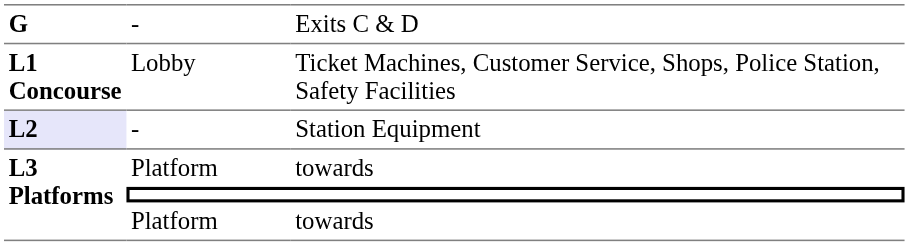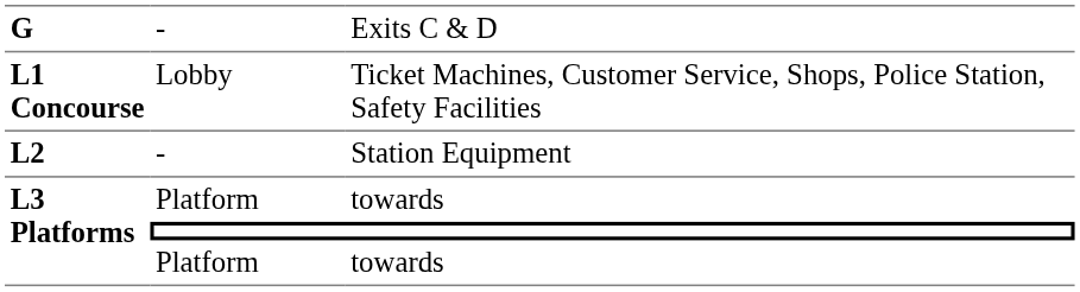 <table border=0 cellspacing=0 cellpadding=3>
 <tr>
 <td style="border-top:solid 1px gray;" width=50 valign=top><strong>G</strong></td>
 <td style="border-top:solid 1px gray;" width=100 valign=top>-</td>
 <td style="border-top:solid 1px gray;" width=390 valign=top>Exits C & D</td>
 </tr>
 <tr>
 <td style="border-bottom:solid 1px gray; border-top:solid 1px gray;" valign=top><strong>L1<br>Concourse</strong></td>
 <td style="border-bottom:solid 1px gray; border-top:solid 1px gray;" valign=top>Lobby</td>
 <td style="border-bottom:solid 1px gray; border-top:solid 1px gray;" valign=top>Ticket Machines, Customer Service, Shops, Police Station, Safety Facilities</td>
 </tr>
 <tr>
-<td style="background: lavender; border-bottom:solid 1px gray;" valign=top><strong>L2</strong></td>
+<td style="border-bottom:solid 1px gray;" valign=top><strong>L2</strong></td>
 <td style="border-bottom:solid 1px gray;" valign=top>-</td>
 <td style="border-bottom:solid 1px gray;" valign=top>Station Equipment</td>
 </tr>
 <tr>
 <td style="border-bottom:solid 1px gray;" rowspan=3 valign=top><strong>L3<br>Platforms</strong></td>
 <td>Platform </td>
 <td>  towards  </td>
 </tr>
 <tr>
 <td style="border-right:solid 2px black;border-left:solid 2px black;border-top:solid 2px black;border-bottom:solid 2px black;text-align:center;" colspan=2></td>
 </tr>
 <tr>
 <td style="border-bottom:solid 1px gray;">Platform </td>
 <td style="border-bottom:solid 1px gray;"> towards   </td>
 </tr>
 </table>
